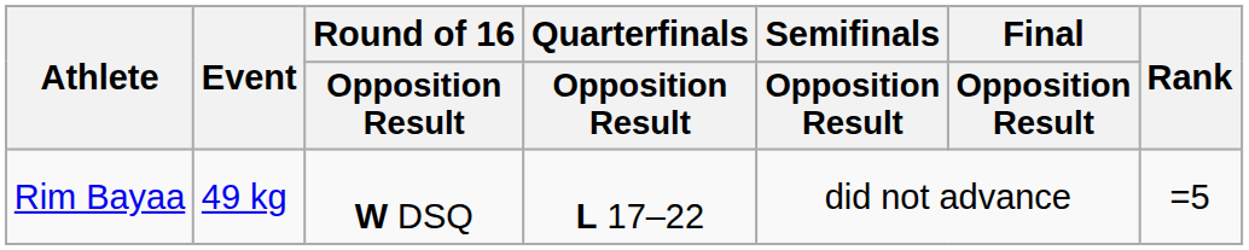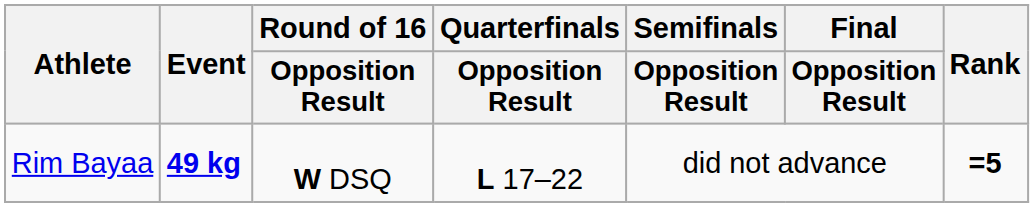 <table class="wikitable" style="font-size:90%;">
 <tr>
 <th rowspan=2>Athlete</th>
 <th rowspan=2>Event</th>
 <th>Round of 16</th>
 <th>Quarterfinals</th>
 <th>Semifinals</th>
 <th>Final</th>
 <th rowspan=2>Rank</th>
 </tr>
 <tr style="font-size:95%">
 <th>Opposition<br>Result</th>
 <th>Opposition<br>Result</th>
 <th>Opposition<br>Result</th>
 <th>Opposition<br>Result</th>
 </tr>
 <tr align=center>
 <td align=left><a href='#'>Rim Bayaa</a></td>
-<td align=left><a href='#'>49 kg</a></td>
+<td align=left><strong><a href='#'>49 kg</a></strong></td>
 <td><br><strong>W</strong> DSQ</td>
 <td><br><strong>L</strong> 17–22</td>
 <td colspan=2>did not advance</td>
-<td>=5</td>
+<td><strong>=5</strong></td>
 </tr>
 </table>
